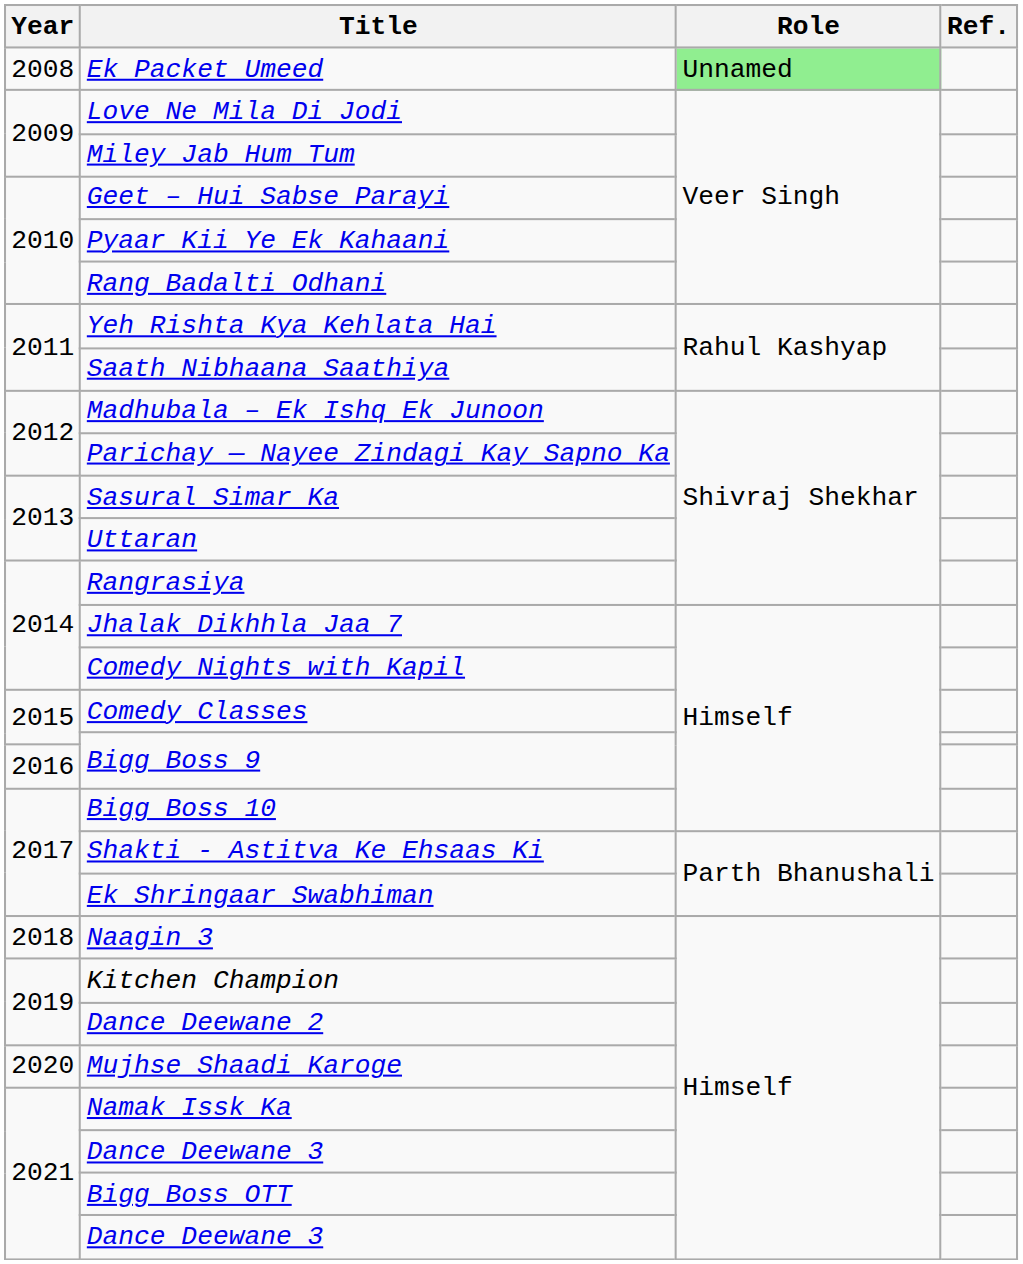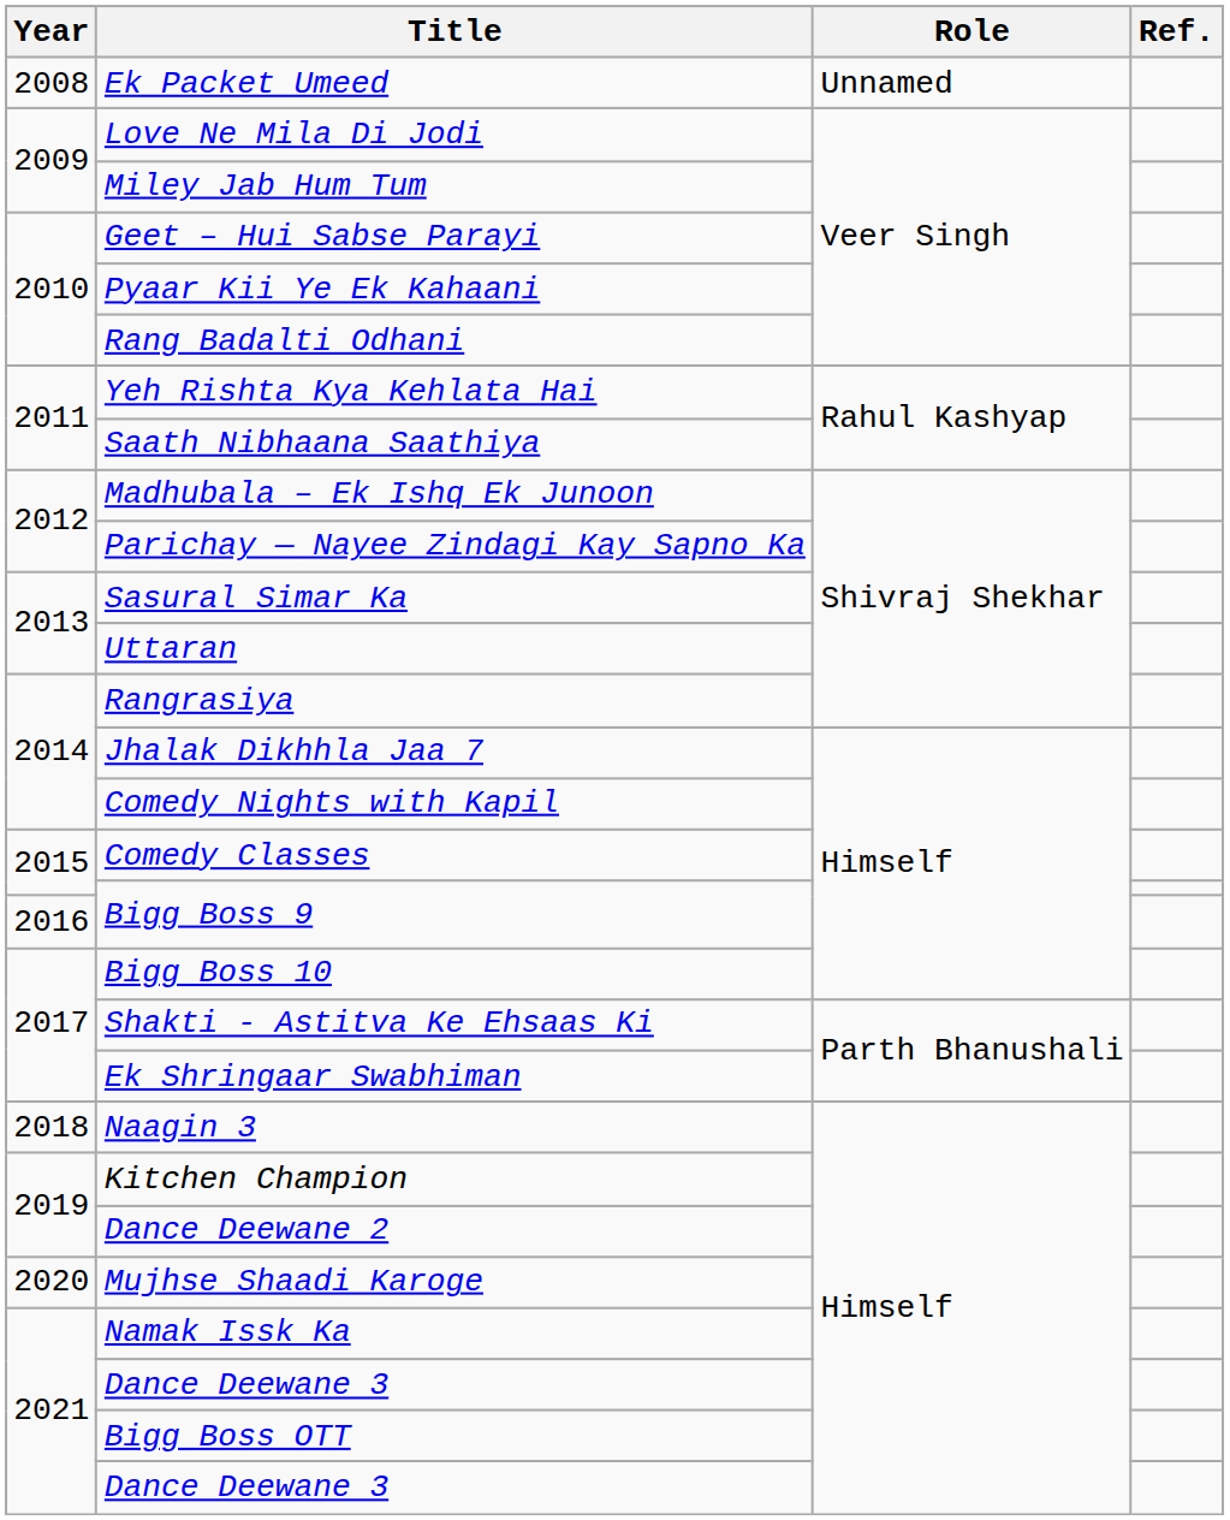 <table class="wikitable">
 <tr>
 <th scope="col">Year</th>
 <th scope="col">Title</th>
 <th scope="col" class="unsortable">Role</th>
 <th scope="col">Ref.</th>
 </tr>
 <tr>
 <td>2008</td>
 <td><em><a href='#'>Ek Packet Umeed</a></em></td>
-<td style="background: lightgreen;">Unnamed</td>
+<td>Unnamed</td>
 <td style="text-align:center;"></td>
 </tr>
 <tr>
 <td rowspan="2">2009</td>
 <td><em><a href='#'>Love Ne Mila Di Jodi</a></em></td>
 <td rowspan="5">Veer Singh</td>
 <td></td>
 </tr>
 <tr>
 <td><em><a href='#'>Miley Jab Hum Tum</a></em></td>
 <td></td>
 </tr>
 <tr>
 <td rowspan="3">2010</td>
 <td><em><a href='#'>Geet – Hui Sabse Parayi</a></em></td>
 <td></td>
 </tr>
 <tr>
 <td><em><a href='#'>Pyaar Kii Ye Ek Kahaani</a></em></td>
 <td></td>
 </tr>
 <tr>
 <td><em><a href='#'>Rang Badalti Odhani</a></em></td>
 <td></td>
 </tr>
 <tr>
 <td rowspan="2">2011</td>
 <td><em><a href='#'>Yeh Rishta Kya Kehlata Hai</a></em></td>
 <td rowspan="2">Rahul Kashyap</td>
 <td></td>
 </tr>
 <tr>
 <td><em><a href='#'>Saath Nibhaana Saathiya</a></em></td>
 <td></td>
 </tr>
 <tr>
 <td rowspan="2">2012</td>
 <td><em><a href='#'>Madhubala – Ek Ishq Ek Junoon</a></em></td>
 <td rowspan="5">Shivraj Shekhar</td>
 <td></td>
 </tr>
 <tr>
 <td><em><a href='#'>Parichay — Nayee Zindagi Kay Sapno Ka</a></em></td>
 <td></td>
 </tr>
 <tr>
 <td rowspan="2">2013</td>
 <td><em><a href='#'>Sasural Simar Ka</a></em></td>
 <td></td>
 </tr>
 <tr>
 <td><em><a href='#'>Uttaran</a></em></td>
 <td></td>
 </tr>
 <tr>
 <td rowspan="3">2014</td>
 <td><em><a href='#'>Rangrasiya</a></em></td>
 <td></td>
 </tr>
 <tr>
 <td><em><a href='#'>Jhalak Dikhhla Jaa 7</a></em></td>
 <td rowspan="6">Himself</td>
 <td style="text-align:center;"></td>
 </tr>
 <tr>
 <td><em><a href='#'>Comedy Nights with Kapil</a></em></td>
 <td style="text-align:center;"></td>
 </tr>
 <tr>
 <td rowspan="2">2015</td>
 <td><em><a href='#'>Comedy Classes</a></em></td>
 <td></td>
 </tr>
 <tr>
 <td rowspan="2"><em><a href='#'>Bigg Boss 9</a></em></td>
 <td style="text-align:center;"></td>
 </tr>
 <tr>
 <td>2016</td>
 <td style="text-align:center;"></td>
 </tr>
 <tr>
 <td rowspan="3">2017</td>
 <td><em><a href='#'>Bigg Boss 10</a></em></td>
 <td style="text-align:center;"></td>
 </tr>
 <tr>
 <td><em><a href='#'>Shakti - Astitva Ke Ehsaas Ki</a></em></td>
 <td rowspan="2">Parth Bhanushali</td>
 <td style="text-align:center;"></td>
 </tr>
 <tr>
 <td><em><a href='#'>Ek Shringaar Swabhiman</a></em></td>
 <td></td>
 </tr>
 <tr>
 <td>2018</td>
 <td><em><a href='#'>Naagin 3</a></em></td>
 <td rowspan="8">Himself</td>
 <td></td>
 </tr>
 <tr>
 <td rowspan="2">2019</td>
 <td><em>Kitchen Champion</em></td>
 <td style="text-align:center;"></td>
 </tr>
 <tr>
 <td><em><a href='#'>Dance Deewane 2</a></em></td>
 <td style="text-align:center;"></td>
 </tr>
 <tr>
 <td>2020</td>
 <td><em><a href='#'>Mujhse Shaadi Karoge</a></em></td>
 <td style="text-align:center;"></td>
 </tr>
 <tr>
 <td rowspan="5">2021</td>
 <td><em><a href='#'>Namak Issk Ka</a></em></td>
 <td style="text-align:center;"></td>
 </tr>
 <tr>
 <td><em><a href='#'>Dance Deewane 3</a></em></td>
 <td style="text-align:center;"></td>
 </tr>
 <tr>
 <td><em><a href='#'>Bigg Boss OTT</a></em></td>
 <td style="text-align:center;"></td>
 </tr>
 <tr>
 <td><em><a href='#'>Dance Deewane 3</a></em></td>
 <td style="text-align:center;"></td>
 </tr>
 </table>
